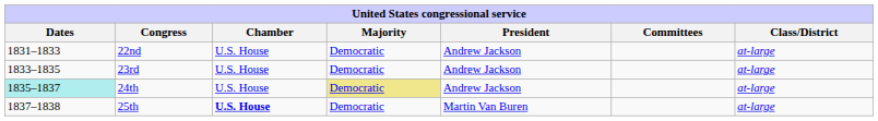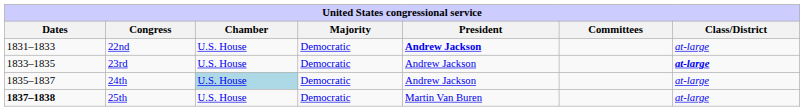 <table class=wikitable style="width: 94%" style="text-align: center;" align="center">
 <tr bgcolor=#cccccc>
 <th colspan=7 style="background: #ccccff;">United States congressional service</th>
 </tr>
 <tr>
 <th><strong>Dates</strong></th>
 <th><strong>Congress</strong></th>
 <th><strong>Chamber</strong></th>
 <th><strong>Majority</strong></th>
 <th><strong>President</strong></th>
 <th><strong>Committees</strong></th>
 <th><strong>Class/District</strong></th>
 </tr>
 <tr>
 <td>1831–1833</td>
 <td><a href='#'>22nd</a></td>
 <td><a href='#'>U.S. House</a></td>
 <td><a href='#'>Democratic</a></td>
-<td><a href='#'>Andrew Jackson</a></td>
+<td><strong><a href='#'>Andrew Jackson</a></strong></td>
 <td></td>
 <td><a href='#'><em>at-large</em></a></td>
 </tr>
 <tr>
 <td>1833–1835</td>
 <td><a href='#'>23rd</a></td>
 <td><a href='#'>U.S. House</a></td>
 <td><a href='#'>Democratic</a></td>
 <td><a href='#'>Andrew Jackson</a></td>
 <td></td>
-<td><a href='#'><em>at-large</em></a></td>
+<td><strong><a href='#'><em>at-large</em></a></strong></td>
 </tr>
 <tr>
-<td style="background: paleturquoise;">1835–1837</td>
+<td>1835–1837</td>
 <td><a href='#'>24th</a></td>
-<td><a href='#'>U.S. House</a></td>
-<td style="background: khaki;"><a href='#'>Democratic</a></td>
+<td style="background: lightblue;"><a href='#'>U.S. House</a></td>
+<td><a href='#'>Democratic</a></td>
 <td><a href='#'>Andrew Jackson</a></td>
 <td></td>
 <td><a href='#'><em>at-large</em></a></td>
 </tr>
 <tr>
-<td>1837–1838</td>
+<td><strong>1837–1838</strong></td>
 <td><a href='#'>25th</a></td>
-<td><strong><a href='#'>U.S. House</a></strong></td>
+<td><a href='#'>U.S. House</a></td>
 <td><a href='#'>Democratic</a></td>
 <td><a href='#'>Martin Van Buren</a></td>
 <td></td>
 <td><a href='#'><em>at-large</em></a></td>
 </tr>
 </table>
